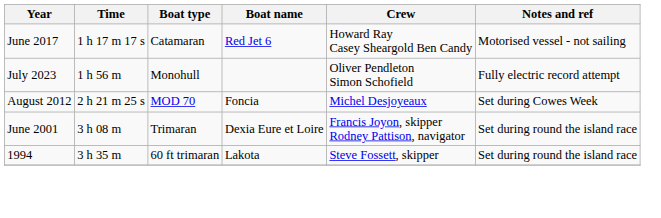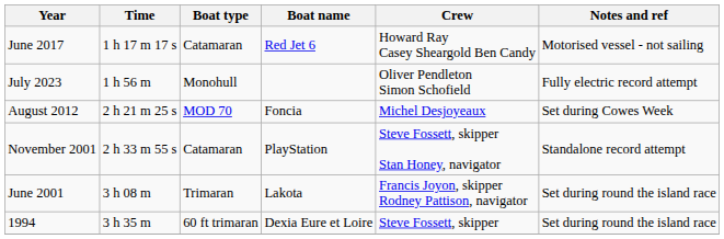 <table class="wikitable">
 <tr>
 <th>Year</th>
 <th>Time</th>
 <th>Boat type</th>
 <th>Boat name</th>
 <th>Crew</th>
 <th>Notes and ref</th>
 </tr>
 <tr>
 <td>June 2017</td>
 <td>1 h 17 m 17 s</td>
 <td>Catamaran</td>
 <td><a href='#'>Red Jet 6</a></td>
 <td>Howard Ray<br>Casey Sheargold Ben Candy</td>
 <td>Motorised vessel - not sailing</td>
 </tr>
 <tr>
 <td>July 2023</td>
 <td>1 h 56 m</td>
 <td>Monohull</td>
 <td></td>
 <td>Oliver Pendleton<br>Simon Schofield</td>
 <td>Fully electric record attempt</td>
 </tr>
 <tr>
 <td>August 2012</td>
 <td>2 h 21 m 25 s</td>
 <td><a href='#'>MOD 70</a></td>
 <td>Foncia</td>
 <td><a href='#'>Michel Desjoyeaux</a></td>
 <td>Set during Cowes Week</td>
 </tr>
 <tr>
+<td>November 2001</td>
+<td>2 h 33 m 55 s</td>
+<td>Catamaran</td>
+<td>PlayStation</td>
+<td><a href='#'>Steve Fossett</a>, skipper <br><br><a href='#'>Stan Honey</a>, navigator</td>
+<td>Standalone record attempt</td>
+</tr>
+<tr>
 <td>June 2001</td>
 <td>3 h 08 m</td>
 <td>Trimaran</td>
-<td>Dexia Eure et Loire</td>
+<td>Lakota</td>
 <td><a href='#'>Francis Joyon</a>, skipper <br> <a href='#'>Rodney Pattison</a>, navigator</td>
 <td>Set during round the island race</td>
 </tr>
 <tr>
 <td>1994</td>
 <td>3 h 35 m</td>
 <td>60 ft trimaran</td>
-<td>Lakota</td>
+<td>Dexia Eure et Loire</td>
 <td><a href='#'>Steve Fossett</a>, skipper</td>
 <td>Set during round the island race</td>
 </tr>
 <tr>
 </tr>
 </table>
